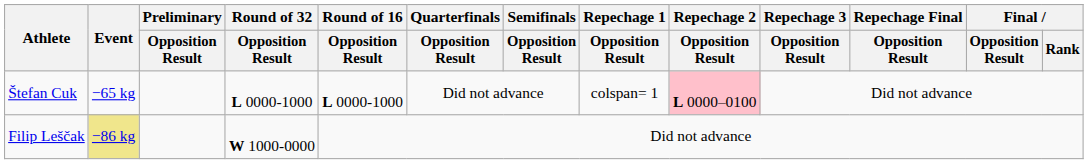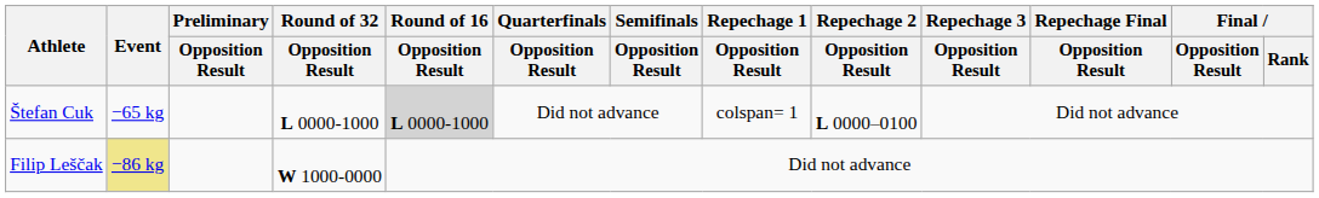 <table class="wikitable" style="font-size:90%">
 <tr>
 <th rowspan="2">Athlete</th>
 <th rowspan="2">Event</th>
 <th>Preliminary</th>
 <th>Round of 32</th>
 <th>Round of 16</th>
 <th>Quarterfinals</th>
 <th>Semifinals</th>
 <th>Repechage 1</th>
 <th>Repechage 2</th>
 <th>Repechage 3</th>
 <th>Repechage Final</th>
 <th colspan=2>Final / </th>
 </tr>
 <tr style="font-size:95%">
 <th>Opposition<br>Result</th>
 <th>Opposition<br>Result</th>
 <th>Opposition<br>Result</th>
 <th>Opposition<br>Result</th>
 <th>Opposition<br>Result</th>
 <th>Opposition<br>Result</th>
 <th>Opposition<br>Result</th>
 <th>Opposition<br>Result</th>
 <th>Opposition<br>Result</th>
 <th>Opposition<br>Result</th>
 <th>Rank</th>
 </tr>
 <tr align=center>
 <td align=left><a href='#'>Štefan Cuk</a></td>
 <td align=left><a href='#'>−65 kg</a></td>
 <td></td>
 <td><br><strong>L</strong> 0000-1000</td>
-<td><br><strong>L</strong> 0000-1000</td>
+<td style="background: lightgrey;"><br><strong>L</strong> 0000-1000</td>
 <td colspan= 2>Did not advance</td>
 <td>colspan= 1 </td>
-<td style="background: pink;"><br><strong>L</strong> 0000–0100</td>
+<td><br><strong>L</strong> 0000–0100</td>
 <td colspan= 4>Did not advance</td>
 </tr>
 <tr align=center>
 <td align=left><a href='#'>Filip Leščak</a></td>
 <td align=left style="background: khaki;"><a href='#'>−86 kg</a></td>
 <td></td>
 <td><br><strong>W</strong> 1000-0000</td>
 <td colspan= 11>Did not advance</td>
 </tr>
 </table>
